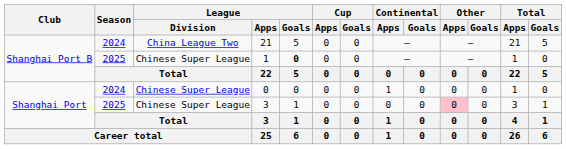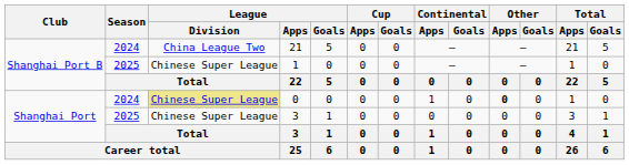 <table class="wikitable" style="text-align: center">
 <tr>
 <th rowspan="2">Club</th>
 <th rowspan="2">Season</th>
 <th colspan="3">League</th>
 <th colspan="2">Cup</th>
 <th colspan="2">Continental</th>
 <th colspan="2">Other</th>
 <th colspan="2">Total</th>
 </tr>
 <tr>
 <th>Division</th>
 <th>Apps</th>
 <th>Goals</th>
 <th>Apps</th>
 <th>Goals</th>
 <th>Apps</th>
 <th>Goals</th>
 <th>Apps</th>
 <th>Goals</th>
 <th>Apps</th>
 <th>Goals</th>
 </tr>
 <tr>
 <td rowspan="3"><a href='#'>Shanghai Port B</a></td>
 <td><a href='#'>2024</a></td>
 <td><a href='#'>China League Two</a></td>
 <td>21</td>
 <td>5</td>
 <td>0</td>
 <td>0</td>
 <td colspan="2">–</td>
 <td colspan="2">–</td>
 <td>21</td>
 <td>5</td>
 </tr>
 <tr>
 <td><a href='#'>2025</a></td>
 <td>Chinese Super League</td>
 <td>1</td>
-<td><strong>0</strong></td>
+<td>0</td>
 <td>0</td>
 <td>0</td>
 <td colspan="2">–</td>
 <td colspan="2">–</td>
 <td>1</td>
 <td>0</td>
 </tr>
 <tr>
 <th colspan=2>Total</th>
 <th>22</th>
 <th>5</th>
 <th>0</th>
 <th>0</th>
 <th>0</th>
 <th>0</th>
 <th>0</th>
 <th>0</th>
 <th>22</th>
 <th>5</th>
 </tr>
 <tr>
 <td rowspan="3"><a href='#'>Shanghai Port</a></td>
 <td><a href='#'>2024</a></td>
-<td><a href='#'>Chinese Super League</a></td>
+<td style="background: khaki;"><a href='#'>Chinese Super League</a></td>
 <td>0</td>
 <td>0</td>
 <td>0</td>
 <td>0</td>
 <td>1</td>
 <td>0</td>
-<td>0</td>
+<td><strong>0</strong></td>
 <td>0</td>
 <td>1</td>
 <td>0</td>
 </tr>
 <tr>
 <td><a href='#'>2025</a></td>
 <td>Chinese Super League</td>
 <td>3</td>
 <td>1</td>
 <td>0</td>
 <td>0</td>
 <td>0</td>
 <td>0</td>
-<td style="background: pink;">0</td>
+<td>0</td>
 <td>0</td>
 <td>3</td>
 <td>1</td>
 </tr>
 <tr>
 <th colspan=2>Total</th>
 <th>3</th>
 <th>1</th>
 <th>0</th>
 <th>0</th>
 <th>1</th>
 <th>0</th>
 <th>0</th>
 <th>0</th>
 <th>4</th>
 <th>1</th>
 </tr>
 <tr>
 <th colspan=3>Career total</th>
 <th>25</th>
 <th>6</th>
 <th>0</th>
 <th>0</th>
 <th>1</th>
 <th>0</th>
 <th>0</th>
 <th>0</th>
 <th>26</th>
 <th>6</th>
 </tr>
 </table>
